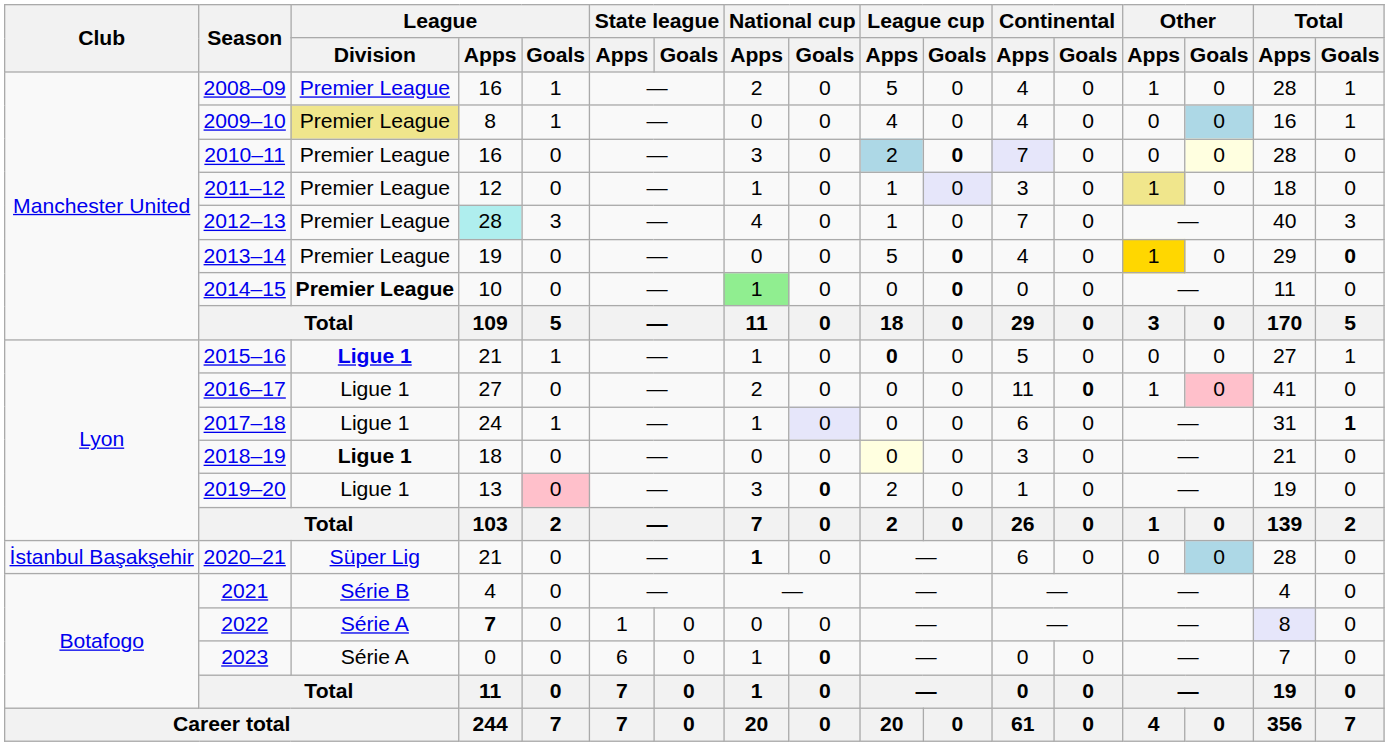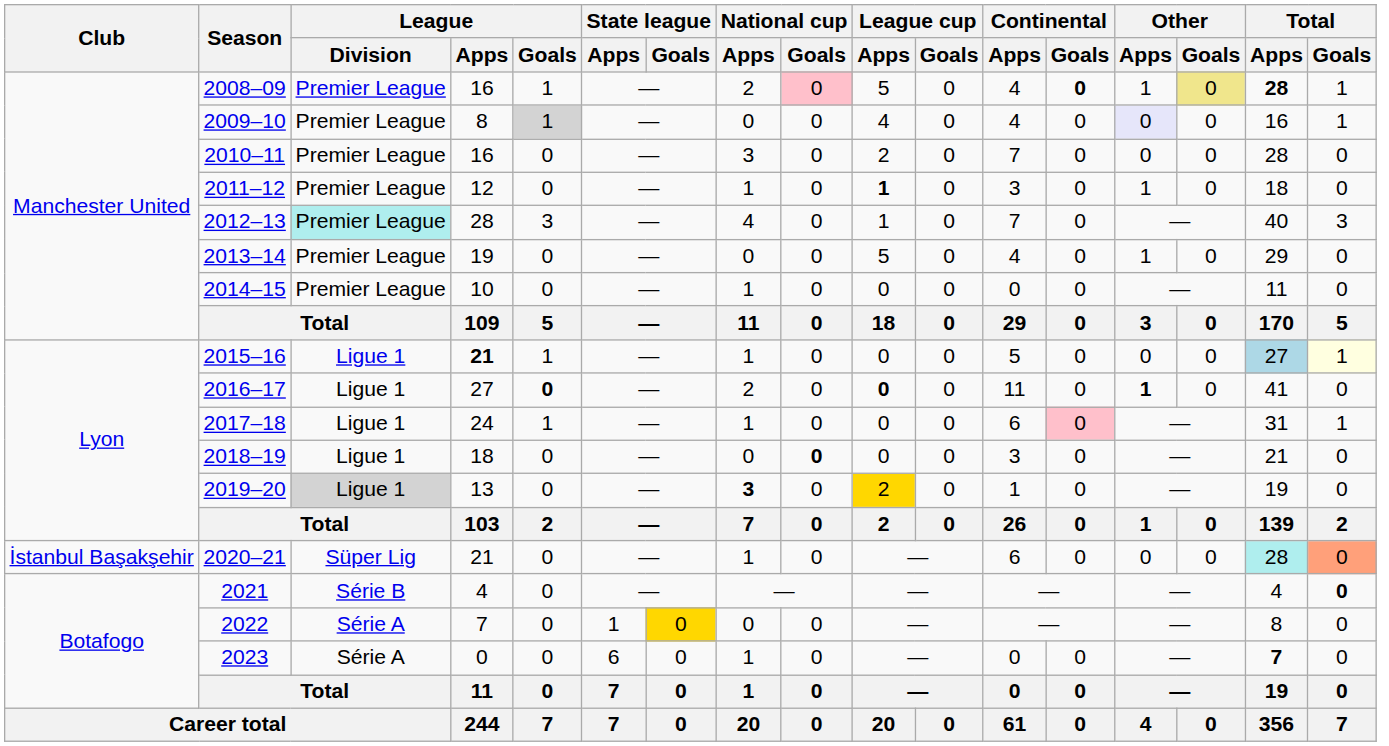 <table class="wikitable" style="text-align:center">
 <tr>
 <th rowspan="2">Club</th>
 <th rowspan="2">Season</th>
 <th colspan="3">League</th>
 <th colspan="2">State league</th>
 <th colspan="2">National cup</th>
 <th colspan="2">League cup</th>
 <th colspan="2">Continental</th>
 <th colspan="2">Other</th>
 <th colspan="2">Total</th>
 </tr>
 <tr>
 <th>Division</th>
 <th>Apps</th>
 <th>Goals</th>
 <th>Apps</th>
 <th>Goals</th>
 <th>Apps</th>
 <th>Goals</th>
 <th>Apps</th>
 <th>Goals</th>
 <th>Apps</th>
 <th>Goals</th>
 <th>Apps</th>
 <th>Goals</th>
 <th>Apps</th>
 <th>Goals</th>
 </tr>
 <tr>
 <td rowspan="8"><a href='#'>Manchester United</a></td>
 <td><a href='#'>2008–09</a></td>
 <td><a href='#'>Premier League</a></td>
 <td>16</td>
 <td>1</td>
 <td colspan="2">—</td>
 <td>2</td>
-<td>0</td>
+<td style="background: pink;">0</td>
 <td>5</td>
 <td>0</td>
 <td>4</td>
-<td>0</td>
+<td><strong>0</strong></td>
 <td>1</td>
-<td>0</td>
-<td>28</td>
+<td style="background: khaki;">0</td>
+<td><strong>28</strong></td>
 <td>1</td>
 </tr>
 <tr>
 <td><a href='#'>2009–10</a></td>
-<td style="background: khaki;">Premier League</td>
+<td>Premier League</td>
 <td>8</td>
-<td>1</td>
+<td style="background: lightgrey;">1</td>
 <td colspan="2">—</td>
 <td>0</td>
 <td>0</td>
 <td>4</td>
 <td>0</td>
 <td>4</td>
 <td>0</td>
+<td style="background: lavender;">0</td>
 <td>0</td>
-<td style="background: lightblue;">0</td>
 <td>16</td>
 <td>1</td>
 </tr>
 <tr>
 <td><a href='#'>2010–11</a></td>
 <td>Premier League</td>
 <td>16</td>
 <td>0</td>
 <td colspan="2">—</td>
 <td>3</td>
 <td>0</td>
-<td style="background: lightblue;">2</td>
-<td><strong>0</strong></td>
-<td style="background: lavender;">7</td>
+<td>2</td>
+<td>0</td>
+<td>7</td>
 <td>0</td>
 <td>0</td>
-<td style="background: lightyellow;">0</td>
+<td>0</td>
 <td>28</td>
 <td>0</td>
 </tr>
 <tr>
 <td><a href='#'>2011–12</a></td>
 <td>Premier League</td>
 <td>12</td>
 <td>0</td>
 <td colspan="2">—</td>
 <td>1</td>
 <td>0</td>
-<td>1</td>
-<td style="background: lavender;">0</td>
+<td><strong>1</strong></td>
+<td>0</td>
 <td>3</td>
 <td>0</td>
-<td style="background: khaki;">1</td>
+<td>1</td>
 <td>0</td>
 <td>18</td>
 <td>0</td>
 </tr>
 <tr>
 <td><a href='#'>2012–13</a></td>
-<td>Premier League</td>
-<td style="background: paleturquoise;">28</td>
+<td style="background: paleturquoise;">Premier League</td>
+<td>28</td>
 <td>3</td>
 <td colspan="2">—</td>
 <td>4</td>
 <td>0</td>
 <td>1</td>
 <td>0</td>
 <td>7</td>
 <td>0</td>
 <td colspan="2">—</td>
 <td>40</td>
 <td>3</td>
 </tr>
 <tr>
 <td><a href='#'>2013–14</a></td>
 <td>Premier League</td>
 <td>19</td>
 <td>0</td>
 <td colspan="2">—</td>
 <td>0</td>
 <td>0</td>
 <td>5</td>
-<td><strong>0</strong></td>
+<td>0</td>
 <td>4</td>
 <td>0</td>
-<td style="background: gold;">1</td>
+<td>1</td>
 <td>0</td>
 <td>29</td>
-<td><strong>0</strong></td>
+<td>0</td>
 </tr>
 <tr>
 <td><a href='#'>2014–15</a></td>
-<td><strong>Premier League</strong></td>
+<td>Premier League</td>
 <td>10</td>
 <td>0</td>
 <td colspan="2">—</td>
-<td style="background: lightgreen;">1</td>
+<td>1</td>
 <td>0</td>
 <td>0</td>
-<td><strong>0</strong></td>
+<td>0</td>
 <td>0</td>
 <td>0</td>
 <td colspan="2">—</td>
 <td>11</td>
 <td>0</td>
 </tr>
 <tr>
 <th colspan="2">Total</th>
 <th>109</th>
 <th>5</th>
 <th colspan="2">—</th>
 <th>11</th>
 <th>0</th>
 <th>18</th>
 <th>0</th>
 <th>29</th>
 <th>0</th>
 <th>3</th>
 <th>0</th>
 <th>170</th>
 <th>5</th>
 </tr>
 <tr>
 <td rowspan="6"><a href='#'>Lyon</a></td>
 <td><a href='#'>2015–16</a></td>
-<td><strong><a href='#'>Ligue 1</a></strong></td>
-<td>21</td>
+<td><a href='#'>Ligue 1</a></td>
+<td><strong>21</strong></td>
 <td>1</td>
 <td colspan="2">—</td>
 <td>1</td>
 <td>0</td>
-<td><strong>0</strong></td>
+<td>0</td>
 <td>0</td>
 <td>5</td>
 <td>0</td>
 <td>0</td>
 <td>0</td>
-<td>27</td>
-<td>1</td>
+<td style="background: lightblue;">27</td>
+<td style="background: lightyellow;">1</td>
 </tr>
 <tr>
 <td><a href='#'>2016–17</a></td>
 <td>Ligue 1</td>
 <td>27</td>
-<td>0</td>
+<td><strong>0</strong></td>
 <td colspan="2">—</td>
 <td>2</td>
 <td>0</td>
-<td>0</td>
+<td><strong>0</strong></td>
 <td>0</td>
 <td>11</td>
-<td><strong>0</strong></td>
-<td>1</td>
-<td style="background: pink;">0</td>
+<td>0</td>
+<td><strong>1</strong></td>
+<td>0</td>
 <td>41</td>
 <td>0</td>
 </tr>
 <tr>
 <td><a href='#'>2017–18</a></td>
 <td>Ligue 1</td>
 <td>24</td>
 <td>1</td>
 <td colspan="2">—</td>
 <td>1</td>
-<td style="background: lavender;">0</td>
+<td>0</td>
 <td>0</td>
 <td>0</td>
 <td>6</td>
-<td>0</td>
+<td style="background: pink;">0</td>
 <td colspan="2">—</td>
 <td>31</td>
-<td><strong>1</strong></td>
+<td>1</td>
 </tr>
 <tr>
 <td><a href='#'>2018–19</a></td>
-<td><strong>Ligue 1</strong></td>
+<td>Ligue 1</td>
 <td>18</td>
 <td>0</td>
 <td colspan="2">—</td>
 <td>0</td>
+<td><strong>0</strong></td>
 <td>0</td>
-<td style="background: lightyellow;">0</td>
 <td>0</td>
 <td>3</td>
 <td>0</td>
 <td colspan="2">—</td>
 <td>21</td>
 <td>0</td>
 </tr>
 <tr>
 <td><a href='#'>2019–20</a></td>
-<td>Ligue 1</td>
+<td style="background: lightgrey;">Ligue 1</td>
 <td>13</td>
-<td style="background: pink;">0</td>
+<td>0</td>
 <td colspan="2">—</td>
-<td>3</td>
-<td><strong>0</strong></td>
-<td>2</td>
+<td><strong>3</strong></td>
+<td>0</td>
+<td style="background: gold;">2</td>
 <td>0</td>
 <td>1</td>
 <td>0</td>
 <td colspan="2">—</td>
 <td>19</td>
 <td>0</td>
 </tr>
 <tr>
 <th colspan="2">Total</th>
 <th>103</th>
 <th>2</th>
 <th colspan="2">—</th>
 <th>7</th>
 <th>0</th>
 <th>2</th>
 <th>0</th>
 <th>26</th>
 <th>0</th>
 <th>1</th>
 <th>0</th>
 <th>139</th>
 <th>2</th>
 </tr>
 <tr>
 <td><a href='#'>İstanbul Başakşehir</a></td>
 <td><a href='#'>2020–21</a></td>
 <td><a href='#'>Süper Lig</a></td>
 <td>21</td>
 <td>0</td>
 <td colspan="2">—</td>
-<td><strong>1</strong></td>
+<td>1</td>
 <td>0</td>
 <td colspan="2">—</td>
 <td>6</td>
 <td>0</td>
 <td>0</td>
-<td style="background: lightblue;">0</td>
-<td>28</td>
 <td>0</td>
+<td style="background: paleturquoise;">28</td>
+<td style="background: lightsalmon;">0</td>
 </tr>
 <tr>
 <td rowspan="4"><a href='#'>Botafogo</a></td>
 <td><a href='#'>2021</a></td>
 <td><a href='#'>Série B</a></td>
 <td>4</td>
 <td>0</td>
 <td colspan="2">—</td>
 <td colspan="2">—</td>
 <td colspan="2">—</td>
 <td colspan="2">—</td>
 <td colspan="2">—</td>
 <td>4</td>
-<td>0</td>
+<td><strong>0</strong></td>
 </tr>
 <tr>
 <td><a href='#'>2022</a></td>
 <td><a href='#'>Série A</a></td>
-<td><strong>7</strong></td>
+<td>7</td>
 <td>0</td>
 <td>1</td>
-<td>0</td>
+<td style="background: gold;">0</td>
 <td>0</td>
 <td>0</td>
 <td colspan="2">—</td>
 <td colspan="2">—</td>
 <td colspan="2">—</td>
-<td style="background: lavender;">8</td>
+<td>8</td>
 <td>0</td>
 </tr>
 <tr>
 <td><a href='#'>2023</a></td>
 <td>Série A</td>
 <td>0</td>
 <td>0</td>
 <td>6</td>
 <td>0</td>
 <td>1</td>
-<td><strong>0</strong></td>
+<td>0</td>
 <td colspan="2">—</td>
 <td>0</td>
 <td>0</td>
 <td colspan="2">—</td>
-<td>7</td>
+<td><strong>7</strong></td>
 <td>0</td>
 </tr>
 <tr>
 <th colspan="2">Total</th>
 <th>11</th>
 <th>0</th>
 <th>7</th>
 <th>0</th>
 <th>1</th>
 <th>0</th>
 <th colspan="2">—</th>
 <th>0</th>
 <th>0</th>
 <th colspan="2">—</th>
 <th>19</th>
 <th>0</th>
 </tr>
 <tr>
 <th colspan="3">Career total</th>
 <th>244</th>
 <th>7</th>
 <th>7</th>
 <th>0</th>
 <th>20</th>
 <th>0</th>
 <th>20</th>
 <th>0</th>
 <th>61</th>
 <th>0</th>
 <th>4</th>
 <th>0</th>
 <th>356</th>
 <th>7</th>
 </tr>
 </table>
